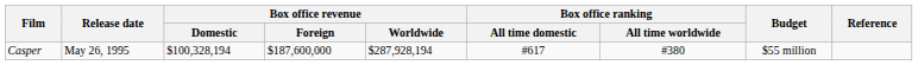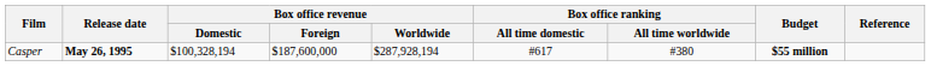 <table class="wikitable" style="width:99%">
 <tr>
 <th rowspan="2" style="text-align:center;"><strong>Film</strong></th>
 <th rowspan="2" style="text-align:center;"><strong>Release date</strong></th>
 <th colspan="3" style="text-align:center;"><strong>Box office revenue</strong></th>
 <th colspan="2" style="text-align:center;"><strong>Box office ranking</strong></th>
 <th rowspan="2" style="text-align:center;"><strong>Budget</strong></th>
 <th rowspan="2" style="text-align:center;"><strong>Reference</strong></th>
 </tr>
 <tr>
 <th style="text-align:center;"><strong>Domestic</strong></th>
 <th style="text-align:center;"><strong>Foreign</strong></th>
 <th style="text-align:center;"><strong>Worldwide</strong></th>
 <th style="text-align:center;"><strong>All time domestic</strong></th>
 <th style="text-align:center;"><strong>All time worldwide</strong></th>
 </tr>
 <tr>
 <td><em>Casper</em></td>
-<td>May 26, 1995</td>
+<td><strong>May 26, 1995</strong></td>
 <td>$100,328,194</td>
 <td>$187,600,000</td>
 <td>$287,928,194</td>
 <td style="text-align:center;">#617</td>
 <td style="text-align:center;">#380</td>
-<td style="text-align:center;">$55 million</td>
+<td style="text-align:center;"><strong>$55 million</strong></td>
 <td style="text-align:center;"></td>
 </tr>
 </table>
